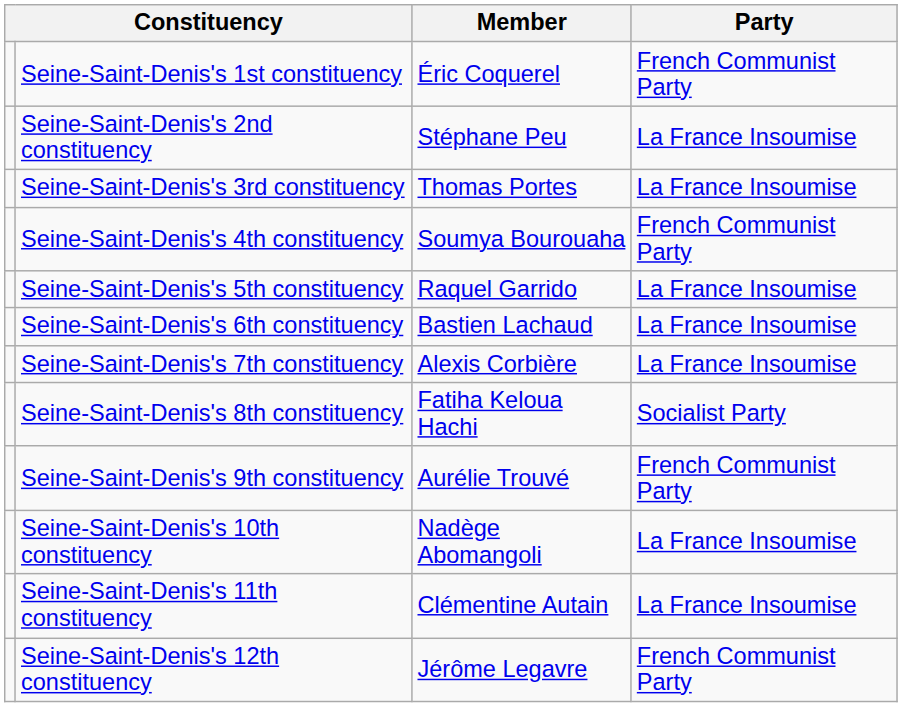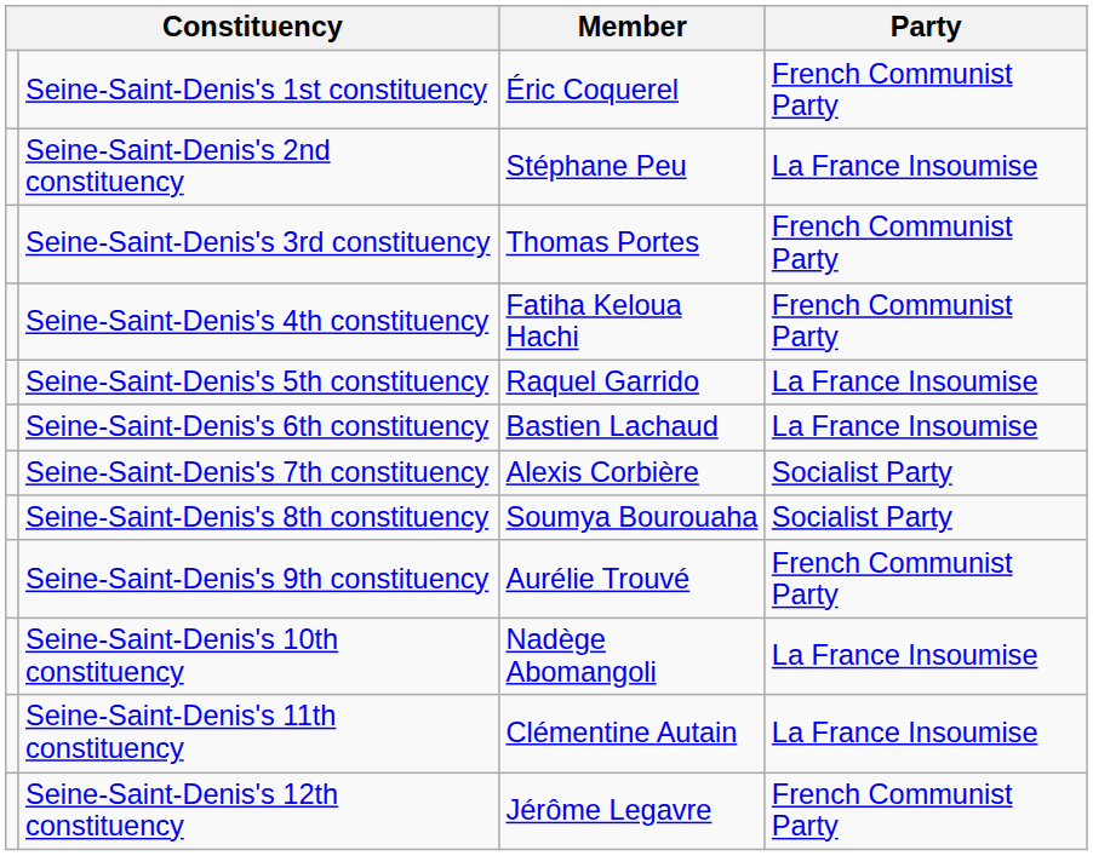 <table class="wikitable">
 <tr>
 <th colspan="2">Constituency</th>
 <th>Member</th>
 <th>Party</th>
 </tr>
 <tr>
 <td style="background-color: "></td>
 <td><a href='#'>Seine-Saint-Denis's 1st constituency</a></td>
 <td><a href='#'>Éric Coquerel</a></td>
 <td><a href='#'>French Communist Party</a></td>
 </tr>
 <tr>
 <td style="background-color: "></td>
 <td><a href='#'>Seine-Saint-Denis's 2nd constituency</a></td>
 <td><a href='#'>Stéphane Peu</a></td>
 <td><a href='#'>La France Insoumise</a></td>
 </tr>
 <tr>
 <td style="background-color: "></td>
 <td><a href='#'>Seine-Saint-Denis's 3rd constituency</a></td>
 <td><a href='#'>Thomas Portes</a></td>
-<td><a href='#'>La France Insoumise</a></td>
+<td><a href='#'>French Communist Party</a></td>
 </tr>
 <tr>
 <td style="background-color: "></td>
 <td><a href='#'>Seine-Saint-Denis's 4th constituency</a></td>
-<td><a href='#'>Soumya Bourouaha</a></td>
+<td><a href='#'>Fatiha Keloua Hachi</a></td>
 <td><a href='#'>French Communist Party</a></td>
 </tr>
 <tr>
 <td style="background-color: "></td>
 <td><a href='#'>Seine-Saint-Denis's 5th constituency</a></td>
 <td><a href='#'>Raquel Garrido</a></td>
 <td><a href='#'>La France Insoumise</a></td>
 </tr>
 <tr>
 <td style="background-color: "></td>
 <td><a href='#'>Seine-Saint-Denis's 6th constituency</a></td>
 <td><a href='#'>Bastien Lachaud</a></td>
 <td><a href='#'>La France Insoumise</a></td>
 </tr>
 <tr>
 <td style="background-color: "></td>
 <td><a href='#'>Seine-Saint-Denis's 7th constituency</a></td>
 <td><a href='#'>Alexis Corbière</a></td>
-<td><a href='#'>La France Insoumise</a></td>
+<td><a href='#'>Socialist Party</a></td>
 </tr>
 <tr>
 <td style="background-color: "></td>
 <td><a href='#'>Seine-Saint-Denis's 8th constituency</a></td>
-<td><a href='#'>Fatiha Keloua Hachi</a></td>
+<td><a href='#'>Soumya Bourouaha</a></td>
 <td><a href='#'>Socialist Party</a></td>
 </tr>
 <tr>
 <td style="background-color: "></td>
 <td><a href='#'>Seine-Saint-Denis's 9th constituency</a></td>
 <td><a href='#'>Aurélie Trouvé</a></td>
 <td><a href='#'>French Communist Party</a></td>
 </tr>
 <tr>
 <td style="background-color: "></td>
 <td><a href='#'>Seine-Saint-Denis's 10th constituency</a></td>
 <td><a href='#'>Nadège Abomangoli</a></td>
 <td><a href='#'>La France Insoumise</a></td>
 </tr>
 <tr>
 <td style="background-color: "></td>
 <td><a href='#'>Seine-Saint-Denis's 11th constituency</a></td>
 <td><a href='#'>Clémentine Autain</a></td>
 <td><a href='#'>La France Insoumise</a></td>
 </tr>
 <tr>
 <td style="background-color: "></td>
 <td><a href='#'>Seine-Saint-Denis's 12th constituency</a></td>
 <td><a href='#'>Jérôme Legavre</a></td>
 <td><a href='#'>French Communist Party</a></td>
 </tr>
 </table>
